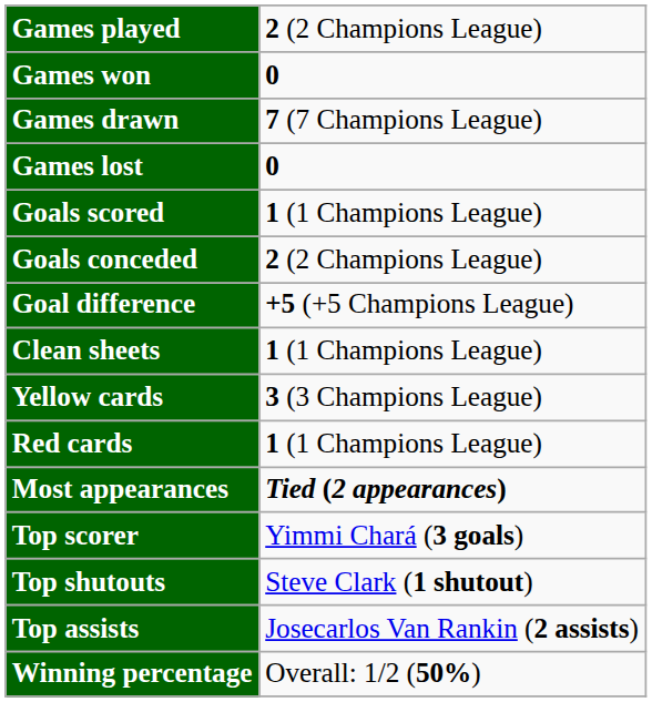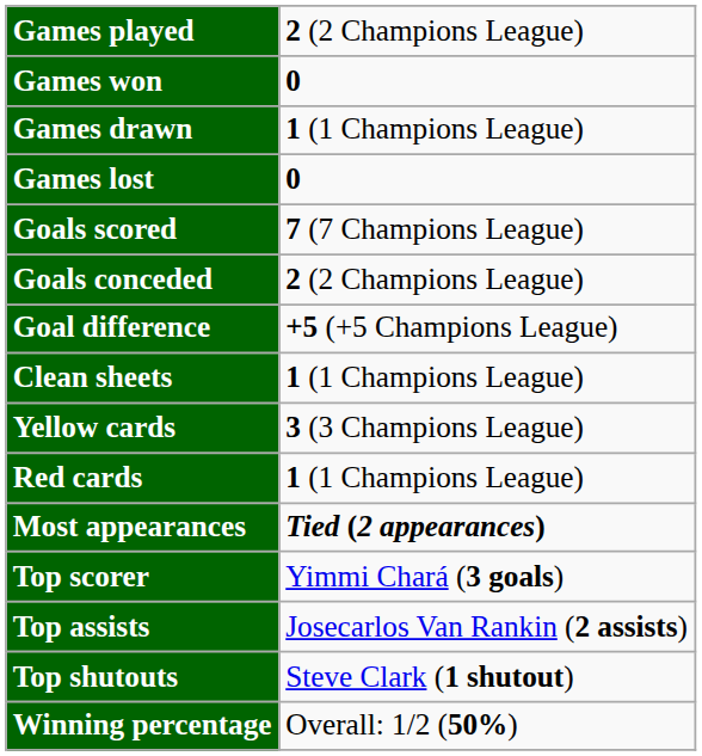 <table class="wikitable sortable" style="font-size: 90%;">
 <tr>
 <td style="background:darkgreen; color:white;"><strong>Games played</strong></td>
 <td><strong>2</strong> (2 Champions League)</td>
 </tr>
 <tr>
 <td style="background:darkgreen; color:white;"><strong>Games won</strong></td>
 <td><strong>0</strong></td>
 </tr>
 <tr>
 <td style="background:darkgreen; color:white;"><strong>Games drawn</strong></td>
-<td><strong>7</strong> (7 Champions League)</td>
+<td><strong>1</strong> (1 Champions League)</td>
 </tr>
 <tr>
 <td style="background:darkgreen; color:white;"><strong>Games lost</strong></td>
 <td><strong>0</strong></td>
 </tr>
 <tr>
 <td style="background:darkgreen; color:white;"><strong>Goals scored</strong></td>
-<td><strong>1</strong> (1 Champions League)</td>
+<td><strong>7</strong> (7 Champions League)</td>
 </tr>
 <tr>
 <td style="background:darkgreen; color:white;"><strong>Goals conceded</strong></td>
 <td><strong>2</strong> (2 Champions League)</td>
 </tr>
 <tr>
 <td style="background:darkgreen; color:white"><strong>Goal difference</strong></td>
 <td><strong>+5</strong> (+5 Champions League)</td>
 </tr>
 <tr>
 <td style="background:darkgreen; color:white;"><strong>Clean sheets</strong></td>
 <td><strong>1</strong> (1 Champions League)</td>
 </tr>
 <tr>
 <td style="background:darkgreen; color:white;"><strong>Yellow cards</strong></td>
 <td><strong>3</strong> (3 Champions League)</td>
 </tr>
 <tr>
 <td style="background:darkgreen; color:white;"><strong>Red cards</strong></td>
 <td><strong>1</strong> (1 Champions League)</td>
 </tr>
 <tr>
 <td style="background:darkgreen; color:white;"><strong>Most appearances</strong></td>
 <td><strong><em>Tied</em> (<em>2 appearances</em>)</strong></td>
 </tr>
 <tr>
 <td style="background:darkgreen; color:white;"><strong>Top scorer</strong></td>
 <td> <a href='#'>Yimmi Chará</a> (<strong>3 goals</strong>)</td>
 </tr>
 <tr>
+<td style="background:darkgreen; color:white;"><strong>Top assists</strong></td>
+<td> <a href='#'>Josecarlos Van Rankin</a> (<strong>2 assists</strong>)</td>
+</tr>
+<tr>
 <td style="background:darkgreen; color:white;"><strong>Top shutouts</strong></td>
 <td> <a href='#'>Steve Clark</a> (<strong>1 shutout</strong>)</td>
-</tr>
-<tr>
-<td style="background:darkgreen; color:white;"><strong>Top assists</strong></td>
-<td> <a href='#'>Josecarlos Van Rankin</a> (<strong>2 assists</strong>)</td>
 </tr>
 <tr>
 <td style="background:darkgreen; color:white;"><strong>Winning percentage</strong></td>
 <td>Overall: 1/2 (<strong>50%</strong>)</td>
 </tr>
 </table>
